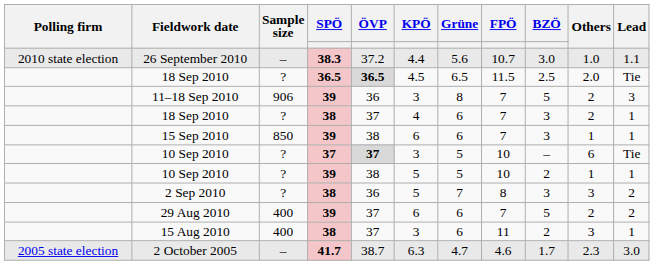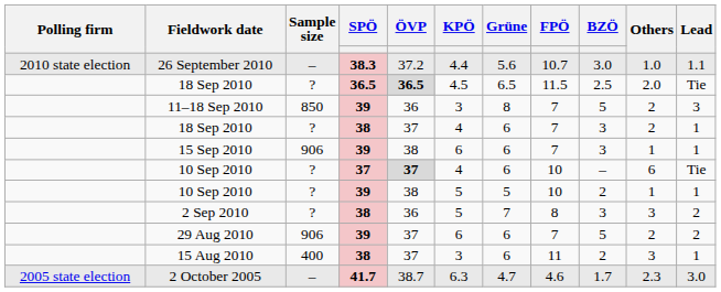 <table class="wikitable sortable" style="text-align:center;font-size:90%;line-height:14px;">
 <tr style="height:40px;">
 <th style="width:130px;" rowspan="2">Polling firm</th>
 <th style="width:130px;" rowspan="2">Fieldwork date</th>
 <th style="width:35px;" rowspan="2">Sample<br>size</th>
 <th class="unsortable" style="width:40px;"><a href='#'>SPÖ</a></th>
 <th class="unsortable" style="width:40px;"><a href='#'>ÖVP</a></th>
 <th class="unsortable" style="width:40px;"><a href='#'>KPÖ</a></th>
 <th class="unsortable" style="width:40px;"><a href='#'>Grüne</a></th>
 <th class="unsortable" style="width:40px;"><a href='#'>FPÖ</a></th>
 <th class="unsortable" style="width:40px;"><a href='#'>BZÖ</a></th>
 <th class="unsortable" style="width:40px;" rowspan="2">Others</th>
 <th style="width:30px;" rowspan="2">Lead</th>
 </tr>
 <tr>
 <th style="background:"></th>
 <th style="background:"></th>
 <th style="background:"></th>
 <th style="background:"></th>
 <th style="background:"></th>
 <th style="background:"></th>
 </tr>
 <tr style="background:#E9E9E9;">
 <td>2010 state election</td>
 <td data-sort-value="2010-09-26">26 September 2010</td>
 <td>–</td>
 <td style="background:#F4C6C9;"><strong>38.3</strong></td>
 <td>37.2</td>
 <td>4.4</td>
 <td>5.6</td>
 <td>10.7</td>
 <td>3.0</td>
 <td>1.0</td>
 <td style="background:">1.1</td>
 </tr>
 <tr>
 <td></td>
 <td data-sort-value="2010-09-18">18 Sep 2010</td>
 <td>?</td>
 <td style="background:#F4C6C9;"><strong>36.5</strong></td>
 <td style="background:#D9D9D9;"><strong>36.5</strong></td>
 <td>4.5</td>
 <td>6.5</td>
 <td>11.5</td>
 <td>2.5</td>
 <td>2.0</td>
 <td data-sort-value="0">Tie</td>
 </tr>
 <tr>
 <td></td>
 <td data-sort-value="2010-09-18">11–18 Sep 2010</td>
-<td>906</td>
+<td>850</td>
 <td style="background:#F4C6C9;"><strong>39</strong></td>
 <td>36</td>
 <td>3</td>
 <td>8</td>
 <td>7</td>
 <td>5</td>
 <td>2</td>
 <td style="background:">3</td>
 </tr>
 <tr>
 <td></td>
 <td data-sort-value="2010-09-18">18 Sep 2010</td>
 <td>?</td>
 <td style="background:#F4C6C9;"><strong>38</strong></td>
 <td>37</td>
 <td>4</td>
 <td>6</td>
 <td>7</td>
 <td>3</td>
 <td>2</td>
 <td style="background:">1</td>
 </tr>
 <tr>
 <td></td>
 <td data-sort-value="2010-09-15">15 Sep 2010</td>
-<td>850</td>
+<td>906</td>
 <td style="background:#F4C6C9;"><strong>39</strong></td>
 <td>38</td>
 <td>6</td>
 <td>6</td>
 <td>7</td>
 <td>3</td>
 <td>1</td>
 <td style="background:">1</td>
 </tr>
 <tr>
 <td></td>
 <td data-sort-value="2010-09-10">10 Sep 2010</td>
 <td>?</td>
 <td style="background:#F4C6C9;"><strong>37</strong></td>
 <td style="background:#D9D9D9;"><strong>37</strong></td>
-<td>3</td>
-<td>5</td>
+<td>4</td>
+<td>6</td>
 <td>10</td>
 <td>–</td>
 <td>6</td>
 <td data-sort-value="0">Tie</td>
 </tr>
 <tr>
 <td></td>
 <td data-sort-value="2010-09-10">10 Sep 2010</td>
 <td>?</td>
 <td style="background:#F4C6C9;"><strong>39</strong></td>
 <td>38</td>
 <td>5</td>
 <td>5</td>
 <td>10</td>
 <td>2</td>
 <td>1</td>
 <td style="background:">1</td>
 </tr>
 <tr>
 <td></td>
 <td data-sort-value="2010-09-02">2 Sep 2010</td>
 <td>?</td>
 <td style="background:#F4C6C9;"><strong>38</strong></td>
 <td>36</td>
 <td>5</td>
 <td>7</td>
 <td>8</td>
 <td>3</td>
 <td>3</td>
 <td style="background:">2</td>
 </tr>
 <tr>
 <td></td>
 <td data-sort-value="2010-08-29">29 Aug 2010</td>
-<td>400</td>
+<td>906</td>
 <td style="background:#F4C6C9;"><strong>39</strong></td>
 <td>37</td>
 <td>6</td>
 <td>6</td>
 <td>7</td>
 <td>5</td>
 <td>2</td>
 <td style="background:">2</td>
 </tr>
 <tr>
 <td></td>
 <td data-sort-value="2010-08-15">15 Aug 2010</td>
 <td>400</td>
 <td style="background:#F4C6C9;"><strong>38</strong></td>
 <td>37</td>
 <td>3</td>
 <td>6</td>
 <td>11</td>
 <td>2</td>
 <td>3</td>
 <td style="background:">1</td>
 </tr>
 <tr style="background:#E9E9E9;">
 <td><a href='#'>2005 state election</a></td>
 <td data-sort-value="2005-10-02">2 October 2005</td>
 <td>–</td>
 <td style="background:#F4C6C9;"><strong>41.7</strong></td>
 <td>38.7</td>
 <td>6.3</td>
 <td>4.7</td>
 <td>4.6</td>
 <td>1.7</td>
 <td>2.3</td>
 <td style="background:">3.0</td>
 </tr>
 </table>
